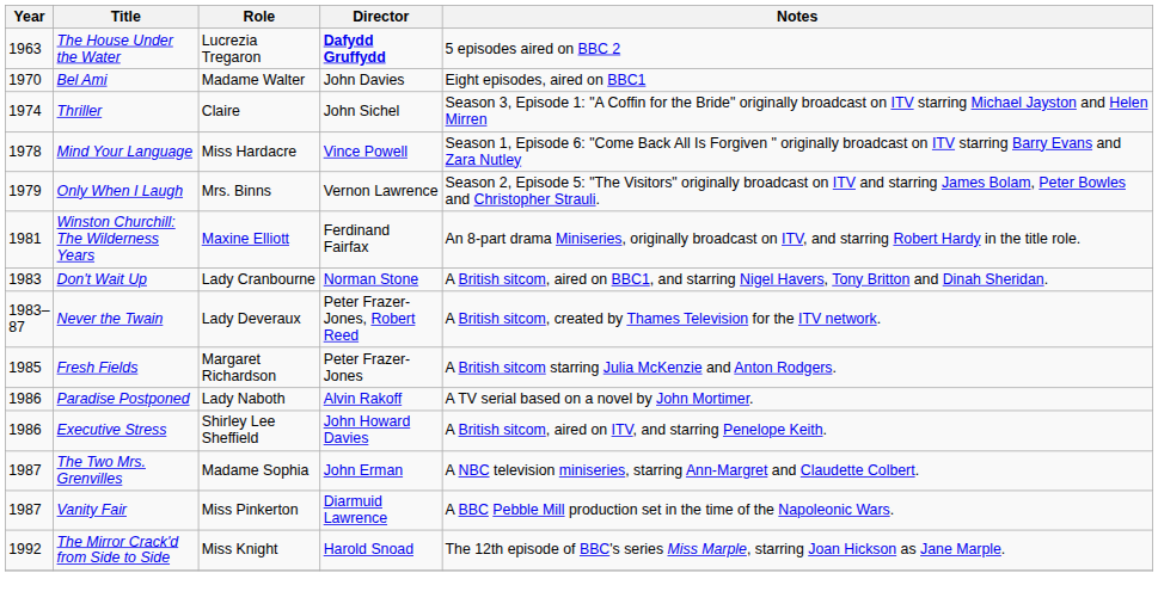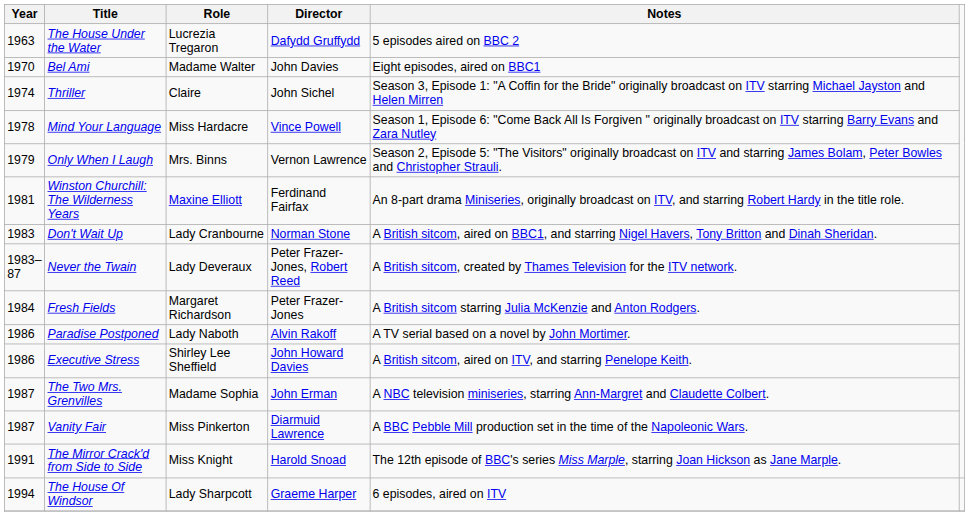 <table class="wikitable sortable">
 <tr>
 <th scope="col" style="width: 45px;">Year</th>
 <th scope="col" style="width: 150px;">Title</th>
 <th scope="col" style="width: 125px;">Role</th>
 <th scope="col" style="width: 125px;">Director</th>
 <th>Notes</th>
 </tr>
 <tr>
 <td>1963</td>
 <td><em><a href='#'>The House Under the Water</a></em></td>
 <td>Lucrezia Tregaron</td>
-<td><strong><a href='#'>Dafydd Gruffydd</a></strong></td>
+<td><a href='#'>Dafydd Gruffydd</a></td>
 <td>5 episodes aired on <a href='#'>BBC 2</a></td>
 </tr>
 <tr>
 <td>1970</td>
 <td><em><a href='#'>Bel Ami</a></em></td>
 <td>Madame Walter</td>
 <td>John Davies</td>
 <td>Eight episodes, aired on <a href='#'>BBC1</a></td>
 </tr>
 <tr>
 <td>1974</td>
 <td><em><a href='#'>Thriller</a></em></td>
 <td>Claire</td>
 <td>John Sichel</td>
 <td>Season 3, Episode 1: "A Coffin for the Bride" originally broadcast on <a href='#'>ITV</a> starring <a href='#'>Michael Jayston</a> and <a href='#'>Helen Mirren</a></td>
 </tr>
 <tr>
 <td>1978</td>
 <td><em><a href='#'>Mind Your Language</a></em></td>
 <td>Miss Hardacre</td>
 <td><a href='#'>Vince Powell</a></td>
 <td>Season 1, Episode 6: "Come Back All Is Forgiven " originally broadcast on <a href='#'>ITV</a> starring <a href='#'>Barry Evans</a> and <a href='#'>Zara Nutley</a></td>
 </tr>
 <tr>
 <td>1979</td>
 <td><em><a href='#'>Only When I Laugh</a></em></td>
 <td>Mrs. Binns</td>
 <td>Vernon Lawrence</td>
 <td>Season 2, Episode 5: "The Visitors" originally broadcast on <a href='#'>ITV</a> and starring <a href='#'>James Bolam</a>, <a href='#'>Peter Bowles</a> and <a href='#'>Christopher Strauli</a>.</td>
 </tr>
 <tr>
 <td>1981</td>
 <td><em><a href='#'>Winston Churchill: The Wilderness Years</a></em></td>
 <td><a href='#'>Maxine Elliott</a></td>
 <td>Ferdinand Fairfax</td>
 <td>An 8-part drama <a href='#'>Miniseries</a>, originally broadcast on <a href='#'>ITV</a>, and starring <a href='#'>Robert Hardy</a> in the title role.</td>
 </tr>
 <tr>
 <td>1983</td>
 <td><em><a href='#'>Don't Wait Up</a></em></td>
 <td>Lady Cranbourne</td>
 <td><a href='#'>Norman Stone</a></td>
 <td>A <a href='#'>British sitcom</a>, aired on <a href='#'>BBC1</a>, and starring <a href='#'>Nigel Havers</a>, <a href='#'>Tony Britton</a> and <a href='#'>Dinah Sheridan</a>.</td>
 </tr>
 <tr>
 <td>1983–87</td>
 <td><em><a href='#'>Never the Twain</a></em></td>
 <td>Lady Deveraux</td>
 <td>Peter Frazer-Jones, <a href='#'>Robert Reed</a></td>
 <td>A <a href='#'>British sitcom</a>, created by <a href='#'>Thames Television</a> for the <a href='#'>ITV network</a>.</td>
 </tr>
 <tr>
-<td>1985</td>
+<td>1984</td>
 <td><em><a href='#'>Fresh Fields</a></em></td>
 <td>Margaret Richardson</td>
 <td>Peter Frazer-Jones</td>
 <td>A <a href='#'>British sitcom</a> starring <a href='#'>Julia McKenzie</a> and <a href='#'>Anton Rodgers</a>.</td>
 </tr>
 <tr>
 <td>1986</td>
 <td><em><a href='#'>Paradise Postponed</a></em></td>
 <td>Lady Naboth</td>
 <td><a href='#'>Alvin Rakoff</a></td>
 <td>A TV serial based on a novel by <a href='#'>John Mortimer</a>.</td>
 </tr>
 <tr>
 <td>1986</td>
 <td><em><a href='#'>Executive Stress</a></em></td>
 <td>Shirley Lee Sheffield</td>
 <td><a href='#'>John Howard Davies</a></td>
 <td>A <a href='#'>British sitcom</a>, aired on <a href='#'>ITV</a>, and starring <a href='#'>Penelope Keith</a>.</td>
 </tr>
 <tr>
 <td>1987</td>
 <td><em><a href='#'>The Two Mrs. Grenvilles</a></em></td>
 <td>Madame Sophia</td>
 <td><a href='#'>John Erman</a></td>
 <td>A <a href='#'>NBC</a> television <a href='#'>miniseries</a>, starring <a href='#'>Ann-Margret</a> and <a href='#'>Claudette Colbert</a>.</td>
 </tr>
 <tr>
 <td>1987</td>
 <td><em><a href='#'>Vanity Fair</a></em></td>
 <td>Miss Pinkerton</td>
 <td><a href='#'>Diarmuid Lawrence</a></td>
 <td>A <a href='#'>BBC</a> <a href='#'>Pebble Mill</a> production set in the time of the <a href='#'>Napoleonic Wars</a>.</td>
 </tr>
 <tr>
-<td>1992</td>
+<td>1991</td>
 <td><em><a href='#'>The Mirror Crack'd from Side to Side</a></em></td>
 <td>Miss Knight</td>
 <td><a href='#'>Harold Snoad</a></td>
 <td>The 12th episode of <a href='#'>BBC</a>'s series <em><a href='#'>Miss Marple</a></em>, starring <a href='#'>Joan Hickson</a> as <a href='#'>Jane Marple</a>.</td>
 </tr>
 <tr>
+<td>1994</td>
+<td><em><a href='#'>The House Of Windsor</a></em></td>
+<td>Lady Sharpcott</td>
+<td><a href='#'>Graeme Harper</a></td>
+<td>6 episodes, aired on <a href='#'>ITV</a></td>
+<td></td>
+</tr>
+<tr>
 </tr>
 </table>
